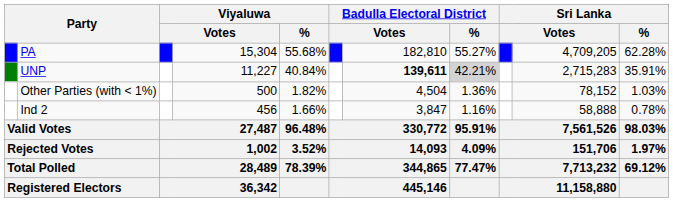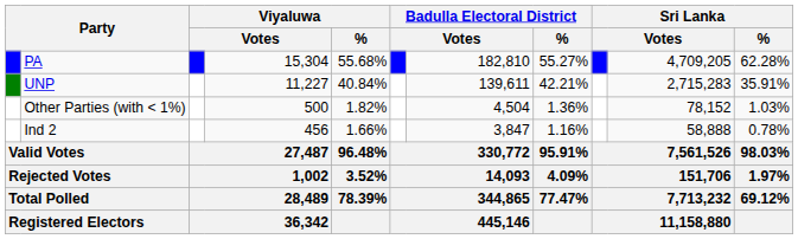 <table class="wikitable">
 <tr>
 <th colspan="2" width="144px"rowspan="2">Party</th>
 <th colspan="3" width="216px">Viyaluwa</th>
 <th colspan="3" width="216px"><a href='#'>Badulla Electoral District</a></th>
 <th colspan="3" width="216px">Sri Lanka</th>
 </tr>
 <tr>
 <th colspan="2" width="144px">Votes</th>
 <th>%</th>
 <th colspan="2" width="144px">Votes</th>
 <th>%</th>
 <th colspan="2" width="144px">Votes</th>
 <th>%</th>
 </tr>
 <tr>
 <td style="background-color:blue;" width="10px"></td>
 <td style="text-align:left;"><a href='#'>PA</a></td>
 <td style="background-color:blue;" width="10px"></td>
 <td style="text-align:right;">15,304</td>
 <td style="text-align:right;">55.68%</td>
 <td style="background-color:blue;" width="10px"></td>
 <td style="text-align:right;">182,810</td>
 <td style="text-align:right;">55.27%</td>
 <td style="background-color:blue;" width="10px"></td>
 <td style="text-align:right;">4,709,205</td>
 <td style="text-align:right;">62.28%</td>
 </tr>
 <tr>
 <td style="background-color:green;" width="10px"></td>
 <td style="text-align:left;"><a href='#'>UNP</a></td>
 <td style="background-color:white;" width="10px"></td>
 <td style="text-align:right;">11,227</td>
 <td style="text-align:right;">40.84%</td>
 <td style="background-color:white;" width="10px"></td>
-<td style="text-align:right;"><strong>139,611</strong></td>
-<td style="background: lightgrey; text-align:right;">42.21%</td>
+<td style="text-align:right;">139,611</td>
+<td style="text-align:right;">42.21%</td>
 <td style="background-color:white;" width="10px"></td>
 <td style="text-align:right;">2,715,283</td>
 <td style="text-align:right;">35.91%</td>
 </tr>
 <tr>
 <td style="background-color:white;" width="10px"></td>
 <td style="text-align:left;">Other Parties (with < 1%)</td>
 <td style="background-color:white;" width="10px"></td>
 <td style="text-align:right;">500</td>
 <td style="text-align:right;">1.82%</td>
 <td style="background-color:white;" width="10px"></td>
 <td style="text-align:right;">4,504</td>
 <td style="text-align:right;">1.36%</td>
 <td style="background-color:white;" width="10px"></td>
 <td style="text-align:right;">78,152</td>
 <td style="text-align:right;">1.03%</td>
 </tr>
 <tr>
 <td style="background-color:white;" width="10px"></td>
 <td style="text-align:left;">Ind 2</td>
 <td style="background-color:white;" width="10px"></td>
 <td style="text-align:right;">456</td>
 <td style="text-align:right;">1.66%</td>
 <td style="background-color:white;" width="10px"></td>
 <td style="text-align:right;">3,847</td>
 <td style="text-align:right;">1.16%</td>
 <td style="background-color:white;" width="10px"></td>
 <td style="text-align:right;">58,888</td>
 <td style="text-align:right;">0.78%</td>
 </tr>
 <tr>
 <th colspan="2" width="144px"style="text-align:left;">Valid Votes</th>
 <th style="text-align:right;"colspan="2" width="144px">27,487</th>
 <th style="text-align:right;">96.48%</th>
 <th style="text-align:right;"colspan="2" width="144px">330,772</th>
 <th style="text-align:right;">95.91%</th>
 <th style="text-align:right;"colspan="2" width="144px">7,561,526</th>
 <th style="text-align:right;">98.03%</th>
 </tr>
 <tr>
 <th colspan="2" width="144px"style="text-align:left;">Rejected Votes</th>
 <th style="text-align:right;"colspan="2" width="144px">1,002</th>
 <th style="text-align:right;">3.52%</th>
 <th style="text-align:right;"colspan="2" width="144px">14,093</th>
 <th style="text-align:right;">4.09%</th>
 <th style="text-align:right;"colspan="2" width="144px">151,706</th>
 <th style="text-align:right;">1.97%</th>
 </tr>
 <tr>
 <th colspan="2" width="144px"style="text-align:left;">Total Polled</th>
 <th style="text-align:right;"colspan="2" width="144px">28,489</th>
 <th style="text-align:right;">78.39%</th>
 <th style="text-align:right;"colspan="2" width="144px">344,865</th>
 <th style="text-align:right;">77.47%</th>
 <th style="text-align:right;"colspan="2" width="144px">7,713,232</th>
 <th style="text-align:right;">69.12%</th>
 </tr>
 <tr>
 <th colspan="2" width="144px"style="text-align:left;">Registered Electors</th>
 <th style="text-align:right;"colspan="2" width="144px">36,342</th>
 <th></th>
 <th style="text-align:right;"colspan="2" width="144px">445,146</th>
 <th></th>
 <th style="text-align:right;"colspan="2" width="144px">11,158,880</th>
 <th></th>
 </tr>
 </table>
